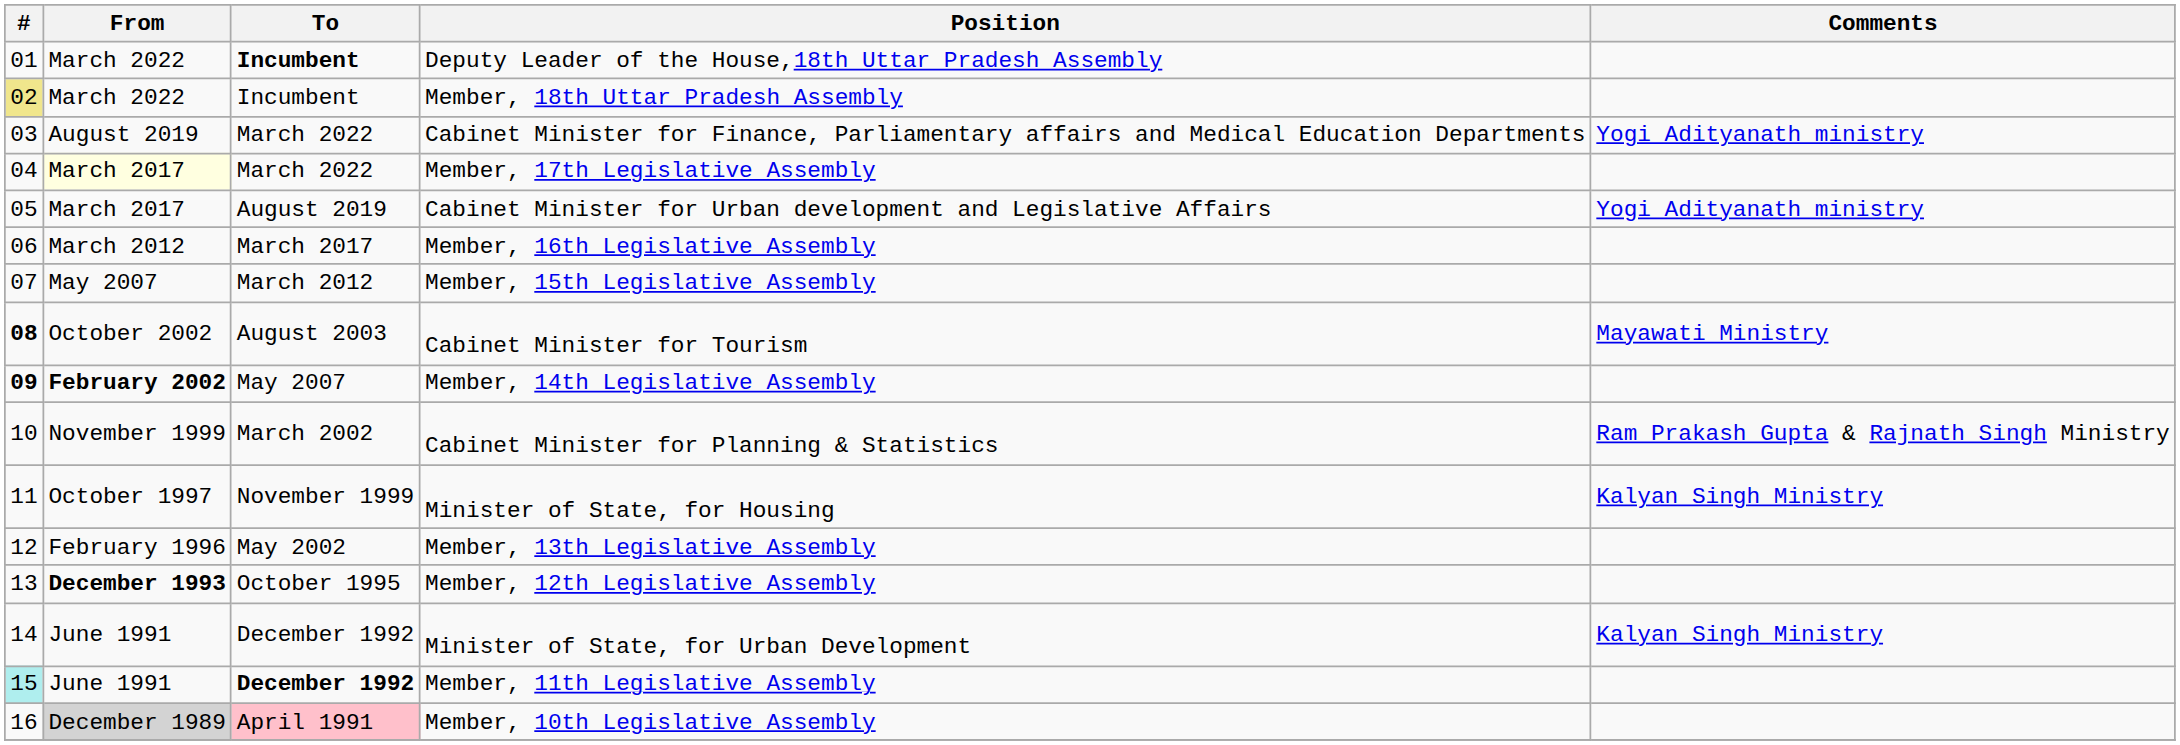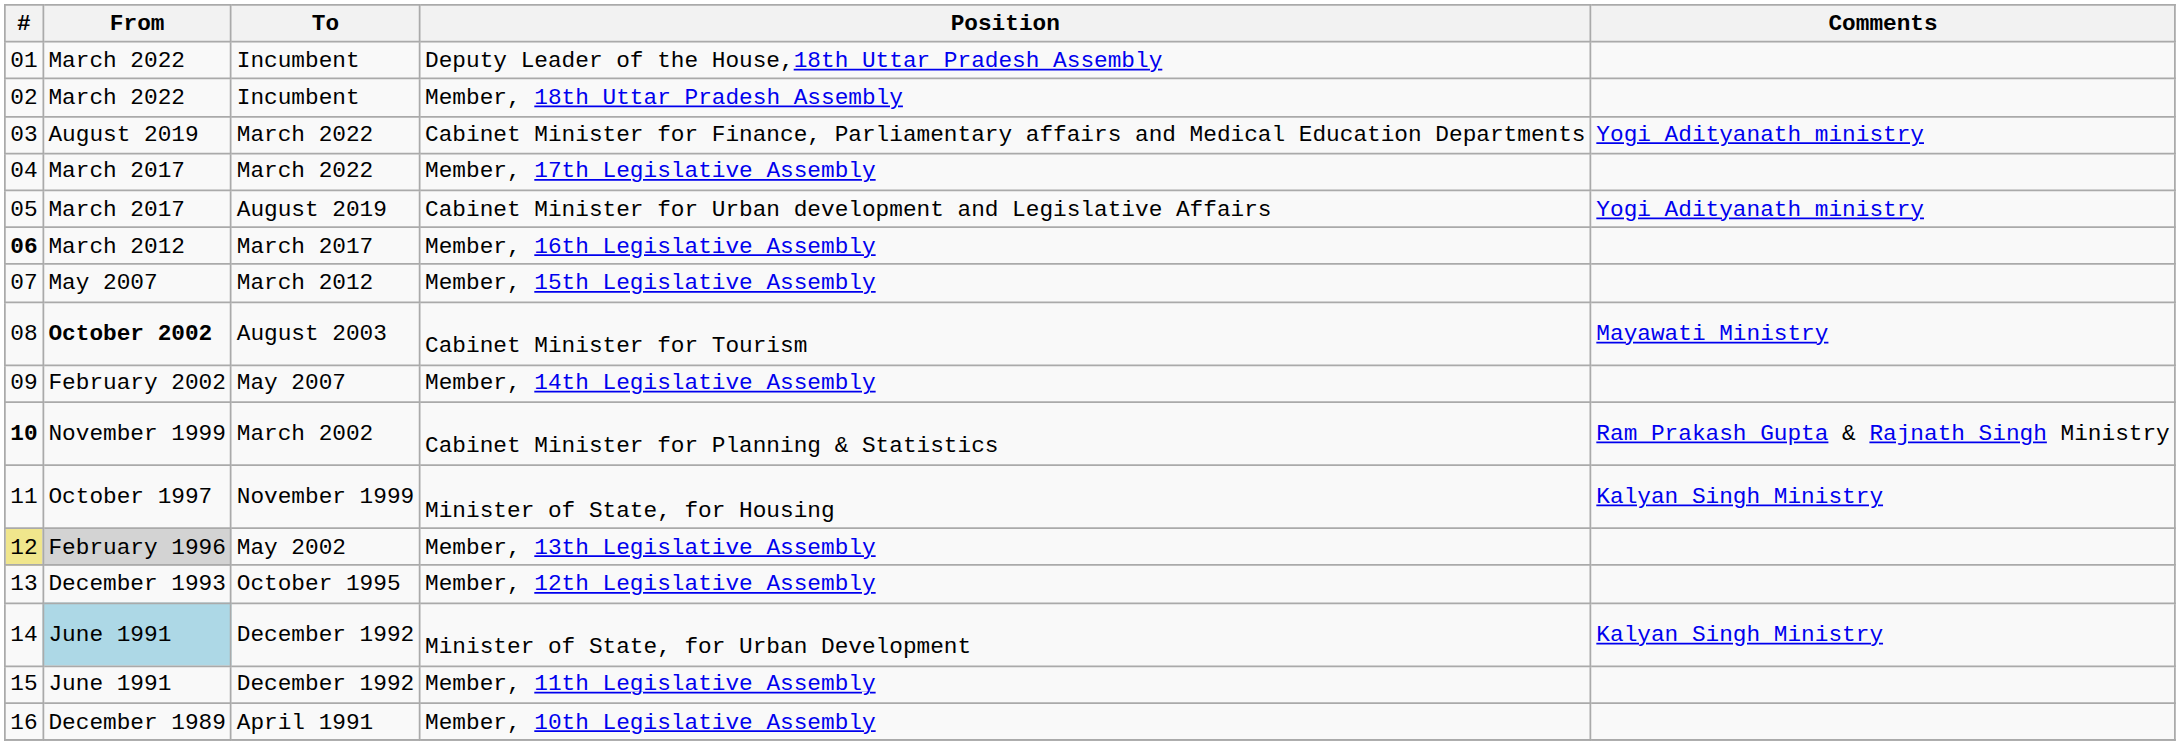 <table class="wikitable sortable">
 <tr>
 <th>#</th>
 <th>From</th>
 <th>To</th>
 <th>Position</th>
 <th>Comments</th>
 </tr>
 <tr>
 <td>01</td>
 <td>March 2022</td>
-<td><strong>Incumbent</strong></td>
+<td>Incumbent</td>
 <td>Deputy Leader of the House,<a href='#'>18th Uttar Pradesh Assembly</a></td>
 <td></td>
 </tr>
 <tr>
-<td style="background: khaki;">02</td>
+<td>02</td>
 <td>March 2022</td>
 <td>Incumbent</td>
 <td>Member, <a href='#'>18th Uttar Pradesh Assembly</a></td>
 <td></td>
 </tr>
 <tr>
 <td>03</td>
 <td>August 2019</td>
 <td>March 2022</td>
 <td>Cabinet Minister for Finance, Parliamentary affairs and Medical Education Departments</td>
 <td><a href='#'>Yogi Adityanath ministry</a></td>
 </tr>
 <tr>
 <td>04</td>
-<td style="background: lightyellow;">March 2017</td>
+<td>March 2017</td>
 <td>March 2022</td>
 <td>Member, <a href='#'>17th Legislative Assembly</a></td>
 <td></td>
 </tr>
 <tr>
 <td>05</td>
 <td>March 2017</td>
 <td>August 2019</td>
 <td>Cabinet Minister for Urban development and Legislative Affairs</td>
 <td><a href='#'>Yogi Adityanath ministry</a></td>
 </tr>
 <tr>
-<td>06</td>
+<td><strong>06</strong></td>
 <td>March 2012</td>
 <td>March 2017</td>
 <td>Member, <a href='#'>16th Legislative Assembly</a></td>
 <td></td>
 </tr>
 <tr>
 <td>07</td>
 <td>May 2007</td>
 <td>March 2012</td>
 <td>Member, <a href='#'>15th Legislative Assembly</a></td>
 <td></td>
 </tr>
 <tr>
-<td><strong>08</strong></td>
-<td>October 2002</td>
+<td>08</td>
+<td><strong>October 2002</strong></td>
 <td>August 2003</td>
 <td><br>Cabinet Minister for Tourism</td>
 <td><a href='#'>Mayawati Ministry</a></td>
 </tr>
 <tr>
-<td><strong>09</strong></td>
-<td><strong>February 2002</strong></td>
+<td>09</td>
+<td>February 2002</td>
 <td>May 2007</td>
 <td>Member, <a href='#'>14th Legislative Assembly</a></td>
 <td></td>
 </tr>
 <tr>
-<td>10</td>
+<td><strong>10</strong></td>
 <td>November 1999</td>
 <td>March 2002</td>
 <td><br>Cabinet Minister for Planning & Statistics</td>
 <td><a href='#'>Ram Prakash Gupta</a> & <a href='#'>Rajnath Singh</a> Ministry</td>
 </tr>
 <tr>
 <td>11</td>
 <td>October 1997</td>
 <td>November 1999</td>
 <td><br>Minister of State, for Housing</td>
 <td><a href='#'>Kalyan Singh Ministry</a></td>
 </tr>
 <tr>
-<td>12</td>
-<td>February 1996</td>
+<td style="background: khaki;">12</td>
+<td style="background: lightgrey;">February 1996</td>
 <td>May 2002</td>
 <td>Member, <a href='#'>13th Legislative Assembly</a></td>
 <td></td>
 </tr>
 <tr>
 <td>13</td>
-<td><strong>December 1993</strong></td>
+<td>December 1993</td>
 <td>October 1995</td>
 <td>Member, <a href='#'>12th Legislative Assembly</a></td>
 <td></td>
 </tr>
 <tr>
 <td>14</td>
-<td>June 1991</td>
+<td style="background: lightblue;">June 1991</td>
 <td>December 1992</td>
 <td><br>Minister of State, for Urban Development</td>
 <td><a href='#'>Kalyan Singh Ministry</a></td>
 </tr>
 <tr>
-<td style="background: paleturquoise;">15</td>
+<td>15</td>
 <td>June 1991</td>
-<td><strong>December 1992</strong></td>
+<td>December 1992</td>
 <td>Member, <a href='#'>11th Legislative Assembly</a></td>
 <td></td>
 </tr>
 <tr>
 <td>16</td>
-<td style="background: lightgrey;">December 1989</td>
-<td style="background: pink;">April 1991</td>
+<td>December 1989</td>
+<td>April 1991</td>
 <td>Member, <a href='#'>10th Legislative Assembly</a></td>
 <td></td>
 </tr>
 <tr>
 </tr>
 </table>
